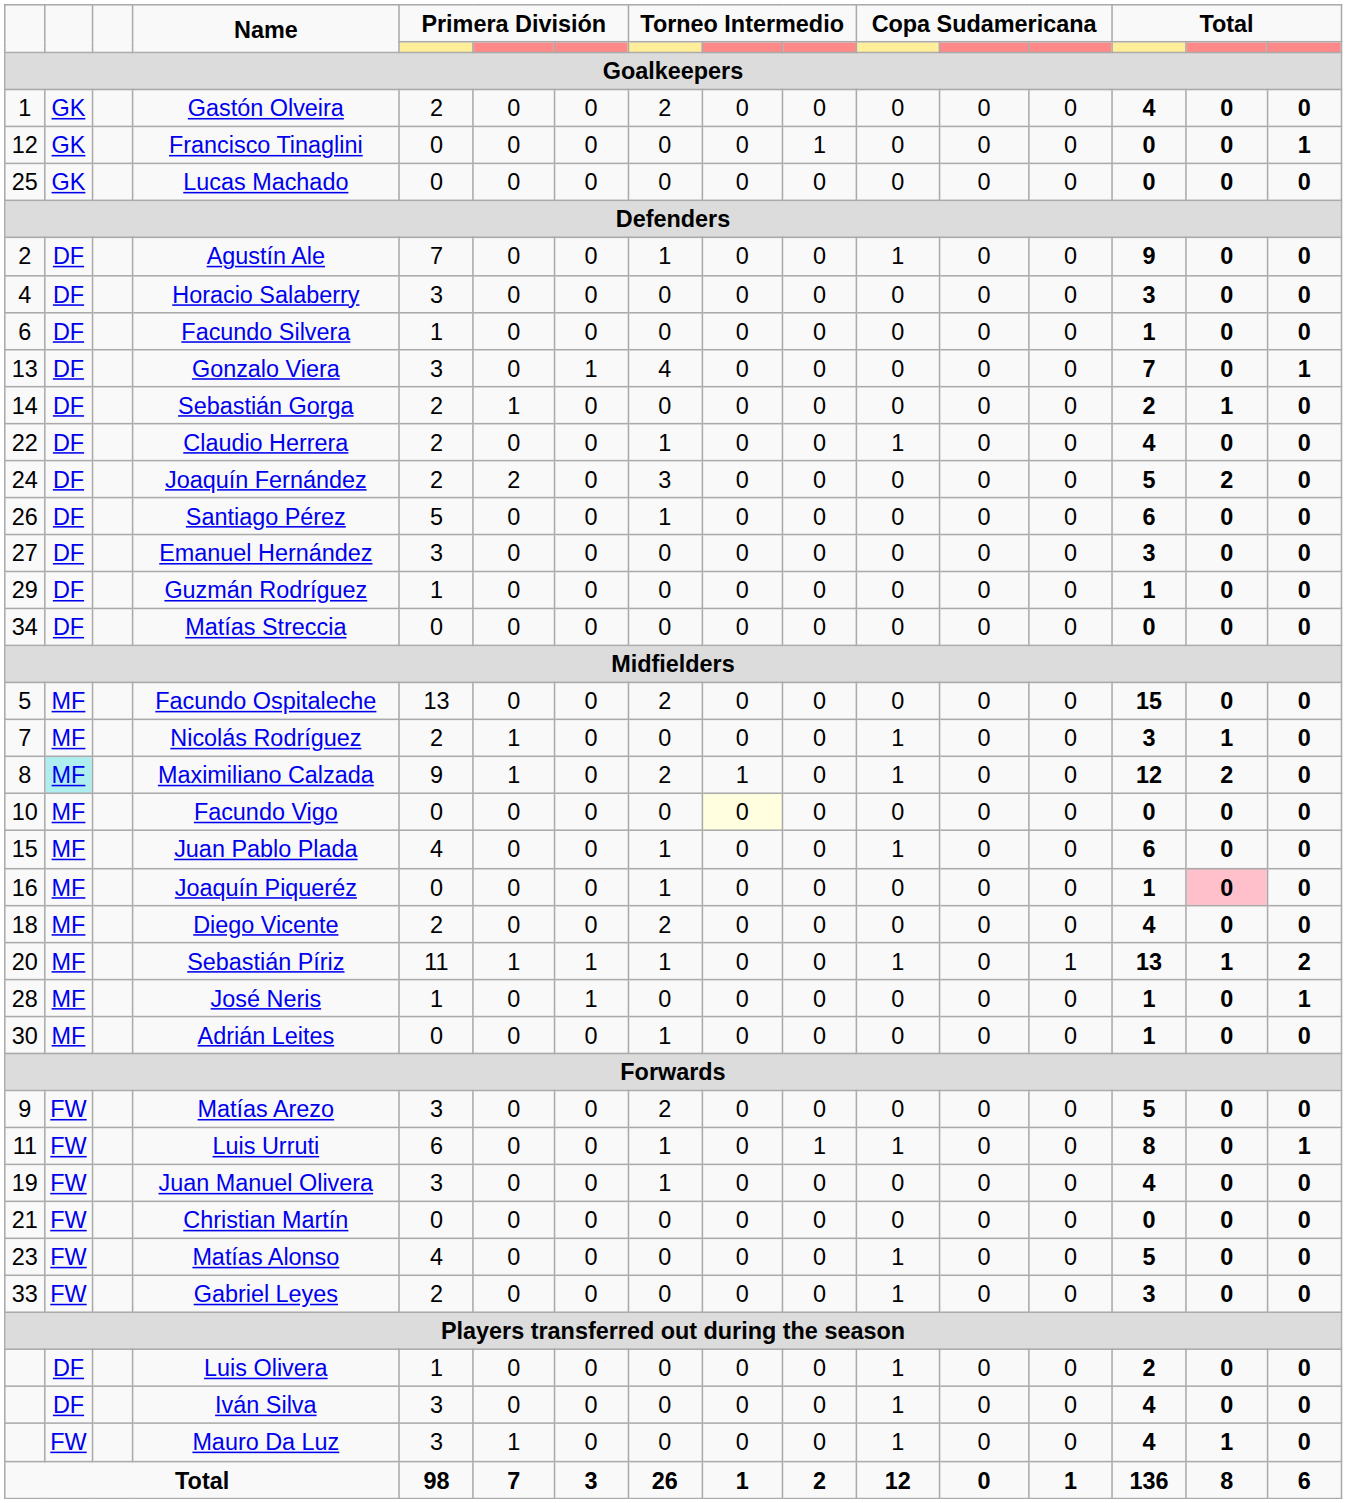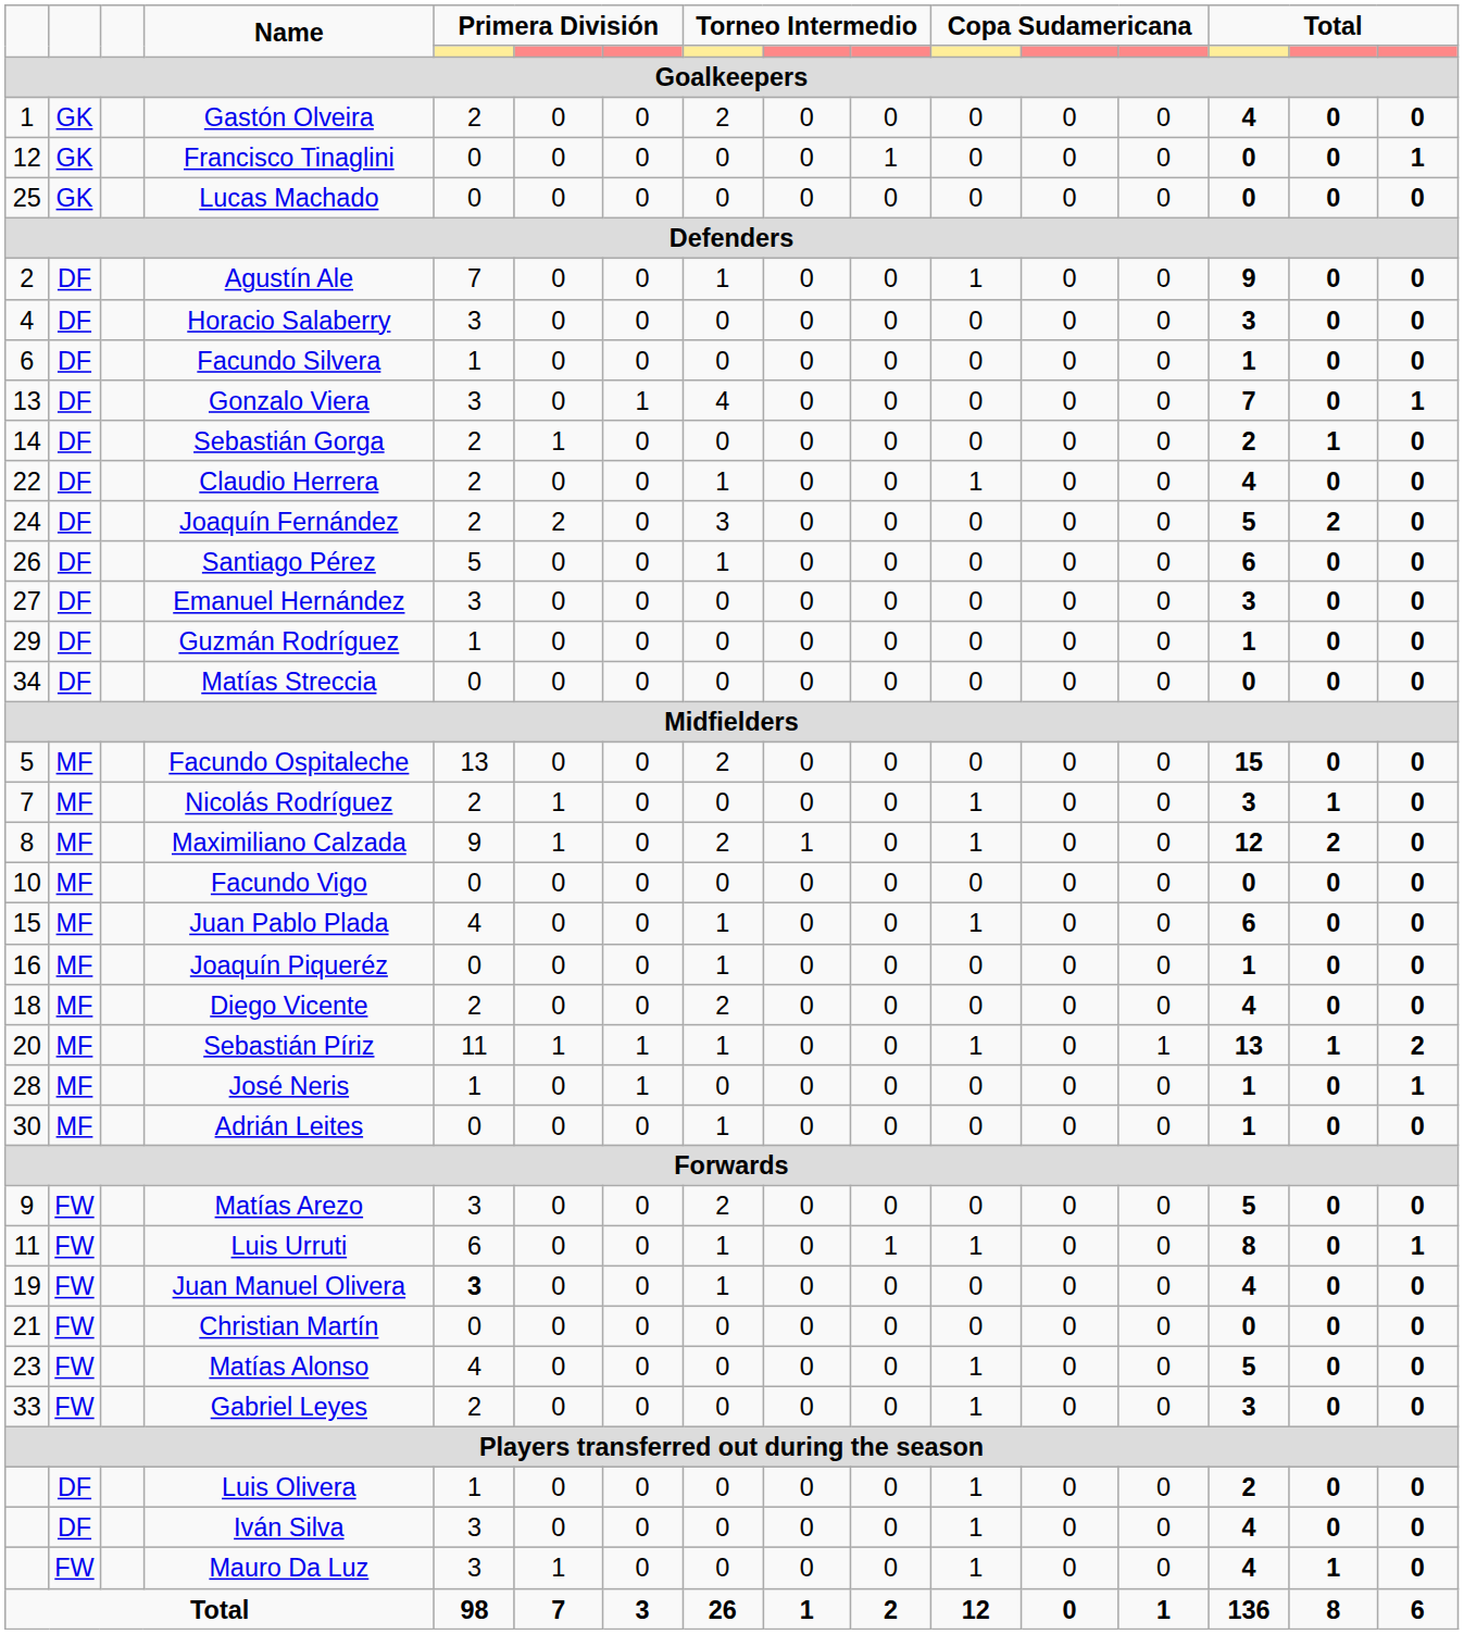 <table class="wikitable" style="font-size: 95%; text-align: center;">
 <tr>
 <td rowspan="2"  style="width:3%; text-align:center;"><strong></strong></td>
 <td rowspan="2"  style="width:3%; text-align:center;"><strong></strong></td>
 <td rowspan="2"  style="width:3%; text-align:center;"><strong></strong></td>
 <td rowspan="2"  style="width:20%; text-align:center;"><strong>Name</strong></td>
 <td colspan="3" style="text-align:center;"><strong>Primera División</strong></td>
 <td colspan="3" style="text-align:center;"><strong>Torneo Intermedio</strong></td>
 <td colspan="3" style="text-align:center;"><strong>Copa Sudamericana</strong></td>
 <td colspan="3" style="text-align:center;"><strong>Total</strong></td>
 </tr>
 <tr>
 <th style="width:25px; background:#fe9;"></th>
 <th style="width:28px; background:#ff8888;"></th>
 <th style="width:25px; background:#ff8888;"></th>
 <th style="width:25px; background:#fe9;"></th>
 <th style="width:28px; background:#ff8888;"></th>
 <th style="width:25px; background:#ff8888;"></th>
 <th style="width:25px; background:#fe9;"></th>
 <th style="width:28px; background:#ff8888;"></th>
 <th style="width:25px; background:#ff8888;"></th>
 <th style="width:25px; background:#fe9;"></th>
 <th style="width:28px; background:#ff8888;"></th>
 <th style="width:25px; background:#ff8888;"></th>
 </tr>
 <tr>
 <th colspan="19" style="background:#dcdcdc; text-align:center">Goalkeepers</th>
 </tr>
 <tr>
 <td>1</td>
 <td><a href='#'>GK</a></td>
 <td></td>
 <td><a href='#'>Gastón Olveira</a></td>
 <td>2</td>
 <td>0</td>
 <td>0</td>
 <td>2</td>
 <td>0</td>
 <td>0</td>
 <td>0</td>
 <td>0</td>
 <td>0</td>
 <td><strong>4</strong></td>
 <td><strong>0</strong></td>
 <td><strong>0</strong></td>
 </tr>
 <tr>
 <td>12</td>
 <td><a href='#'>GK</a></td>
 <td></td>
 <td><a href='#'>Francisco Tinaglini</a></td>
 <td>0</td>
 <td>0</td>
 <td>0</td>
 <td>0</td>
 <td>0</td>
 <td>1</td>
 <td>0</td>
 <td>0</td>
 <td>0</td>
 <td><strong>0</strong></td>
 <td><strong>0</strong></td>
 <td><strong>1</strong></td>
 </tr>
 <tr>
 <td>25</td>
 <td><a href='#'>GK</a></td>
 <td></td>
 <td><a href='#'>Lucas Machado</a></td>
 <td>0</td>
 <td>0</td>
 <td>0</td>
 <td>0</td>
 <td>0</td>
 <td>0</td>
 <td>0</td>
 <td>0</td>
 <td>0</td>
 <td><strong>0</strong></td>
 <td><strong>0</strong></td>
 <td><strong>0</strong></td>
 </tr>
 <tr>
 <th colspan="19" style="background:#dcdcdc; text-align:center">Defenders</th>
 </tr>
 <tr>
 <td>2</td>
 <td><a href='#'>DF</a></td>
 <td></td>
 <td><a href='#'>Agustín Ale</a></td>
 <td>7</td>
 <td>0</td>
 <td>0</td>
 <td>1</td>
 <td>0</td>
 <td>0</td>
 <td>1</td>
 <td>0</td>
 <td>0</td>
 <td><strong>9</strong></td>
 <td><strong>0</strong></td>
 <td><strong>0</strong></td>
 </tr>
 <tr>
 <td>4</td>
 <td><a href='#'>DF</a></td>
 <td></td>
 <td><a href='#'>Horacio Salaberry</a></td>
 <td>3</td>
 <td>0</td>
 <td>0</td>
 <td>0</td>
 <td>0</td>
 <td>0</td>
 <td>0</td>
 <td>0</td>
 <td>0</td>
 <td><strong>3</strong></td>
 <td><strong>0</strong></td>
 <td><strong>0</strong></td>
 </tr>
 <tr>
 <td>6</td>
 <td><a href='#'>DF</a></td>
 <td></td>
 <td><a href='#'>Facundo Silvera</a></td>
 <td>1</td>
 <td>0</td>
 <td>0</td>
 <td>0</td>
 <td>0</td>
 <td>0</td>
 <td>0</td>
 <td>0</td>
 <td>0</td>
 <td><strong>1</strong></td>
 <td><strong>0</strong></td>
 <td><strong>0</strong></td>
 </tr>
 <tr>
 <td>13</td>
 <td><a href='#'>DF</a></td>
 <td></td>
 <td><a href='#'>Gonzalo Viera</a></td>
 <td>3</td>
 <td>0</td>
 <td>1</td>
 <td>4</td>
 <td>0</td>
 <td>0</td>
 <td>0</td>
 <td>0</td>
 <td>0</td>
 <td><strong>7</strong></td>
 <td><strong>0</strong></td>
 <td><strong>1</strong></td>
 </tr>
 <tr>
 <td>14</td>
 <td><a href='#'>DF</a></td>
 <td></td>
 <td><a href='#'>Sebastián Gorga</a></td>
 <td>2</td>
 <td>1</td>
 <td>0</td>
 <td>0</td>
 <td>0</td>
 <td>0</td>
 <td>0</td>
 <td>0</td>
 <td>0</td>
 <td><strong>2</strong></td>
 <td><strong>1</strong></td>
 <td><strong>0</strong></td>
 </tr>
 <tr>
 <td>22</td>
 <td><a href='#'>DF</a></td>
 <td></td>
 <td><a href='#'>Claudio Herrera</a></td>
 <td>2</td>
 <td>0</td>
 <td>0</td>
 <td>1</td>
 <td>0</td>
 <td>0</td>
 <td>1</td>
 <td>0</td>
 <td>0</td>
 <td><strong>4</strong></td>
 <td><strong>0</strong></td>
 <td><strong>0</strong></td>
 </tr>
 <tr>
 <td>24</td>
 <td><a href='#'>DF</a></td>
 <td></td>
 <td><a href='#'>Joaquín Fernández</a></td>
 <td>2</td>
 <td>2</td>
 <td>0</td>
 <td>3</td>
 <td>0</td>
 <td>0</td>
 <td>0</td>
 <td>0</td>
 <td>0</td>
 <td><strong>5</strong></td>
 <td><strong>2</strong></td>
 <td><strong>0</strong></td>
 </tr>
 <tr>
 <td>26</td>
 <td><a href='#'>DF</a></td>
 <td></td>
 <td><a href='#'>Santiago Pérez</a></td>
 <td>5</td>
 <td>0</td>
 <td>0</td>
 <td>1</td>
 <td>0</td>
 <td>0</td>
 <td>0</td>
 <td>0</td>
 <td>0</td>
 <td><strong>6</strong></td>
 <td><strong>0</strong></td>
 <td><strong>0</strong></td>
 </tr>
 <tr>
 <td>27</td>
 <td><a href='#'>DF</a></td>
 <td></td>
 <td><a href='#'>Emanuel Hernández</a></td>
 <td>3</td>
 <td>0</td>
 <td>0</td>
 <td>0</td>
 <td>0</td>
 <td>0</td>
 <td>0</td>
 <td>0</td>
 <td>0</td>
 <td><strong>3</strong></td>
 <td><strong>0</strong></td>
 <td><strong>0</strong></td>
 </tr>
 <tr>
 <td>29</td>
 <td><a href='#'>DF</a></td>
 <td></td>
 <td><a href='#'>Guzmán Rodríguez</a></td>
 <td>1</td>
 <td>0</td>
 <td>0</td>
 <td>0</td>
 <td>0</td>
 <td>0</td>
 <td>0</td>
 <td>0</td>
 <td>0</td>
 <td><strong>1</strong></td>
 <td><strong>0</strong></td>
 <td><strong>0</strong></td>
 </tr>
 <tr>
 <td>34</td>
 <td><a href='#'>DF</a></td>
 <td></td>
 <td><a href='#'>Matías Streccia</a></td>
 <td>0</td>
 <td>0</td>
 <td>0</td>
 <td>0</td>
 <td>0</td>
 <td>0</td>
 <td>0</td>
 <td>0</td>
 <td>0</td>
 <td><strong>0</strong></td>
 <td><strong>0</strong></td>
 <td><strong>0</strong></td>
 </tr>
 <tr>
 <th colspan="19" style="background:#dcdcdc; text-align:center">Midfielders</th>
 </tr>
 <tr>
 <td>5</td>
 <td><a href='#'>MF</a></td>
 <td></td>
 <td><a href='#'>Facundo Ospitaleche</a></td>
 <td>13</td>
 <td>0</td>
 <td>0</td>
 <td>2</td>
 <td>0</td>
 <td>0</td>
 <td>0</td>
 <td>0</td>
 <td>0</td>
 <td><strong>15</strong></td>
 <td><strong>0</strong></td>
 <td><strong>0</strong></td>
 </tr>
 <tr>
 <td>7</td>
 <td><a href='#'>MF</a></td>
 <td></td>
 <td><a href='#'>Nicolás Rodríguez</a></td>
 <td>2</td>
 <td>1</td>
 <td>0</td>
 <td>0</td>
 <td>0</td>
 <td>0</td>
 <td>1</td>
 <td>0</td>
 <td>0</td>
 <td><strong>3</strong></td>
 <td><strong>1</strong></td>
 <td><strong>0</strong></td>
 </tr>
 <tr>
 <td>8</td>
-<td style="background: paleturquoise;"><a href='#'>MF</a></td>
+<td><a href='#'>MF</a></td>
 <td></td>
 <td><a href='#'>Maximiliano Calzada</a></td>
 <td>9</td>
 <td>1</td>
 <td>0</td>
 <td>2</td>
 <td>1</td>
 <td>0</td>
 <td>1</td>
 <td>0</td>
 <td>0</td>
 <td><strong>12</strong></td>
 <td><strong>2</strong></td>
 <td><strong>0</strong></td>
 </tr>
 <tr>
 <td>10</td>
 <td><a href='#'>MF</a></td>
 <td></td>
 <td><a href='#'>Facundo Vigo</a></td>
 <td>0</td>
 <td>0</td>
 <td>0</td>
 <td>0</td>
-<td style="background: lightyellow;">0</td>
+<td>0</td>
 <td>0</td>
 <td>0</td>
 <td>0</td>
 <td>0</td>
 <td><strong>0</strong></td>
 <td><strong>0</strong></td>
 <td><strong>0</strong></td>
 </tr>
 <tr>
 <td>15</td>
 <td><a href='#'>MF</a></td>
 <td></td>
 <td><a href='#'>Juan Pablo Plada</a></td>
 <td>4</td>
 <td>0</td>
 <td>0</td>
 <td>1</td>
 <td>0</td>
 <td>0</td>
 <td>1</td>
 <td>0</td>
 <td>0</td>
 <td><strong>6</strong></td>
 <td><strong>0</strong></td>
 <td><strong>0</strong></td>
 </tr>
 <tr>
 <td>16</td>
 <td><a href='#'>MF</a></td>
 <td></td>
 <td><a href='#'>Joaquín Piqueréz</a></td>
 <td>0</td>
 <td>0</td>
 <td>0</td>
 <td>1</td>
 <td>0</td>
 <td>0</td>
 <td>0</td>
 <td>0</td>
 <td>0</td>
 <td><strong>1</strong></td>
-<td style="background: pink;"><strong>0</strong></td>
+<td><strong>0</strong></td>
 <td><strong>0</strong></td>
 </tr>
 <tr>
 <td>18</td>
 <td><a href='#'>MF</a></td>
 <td></td>
 <td><a href='#'>Diego Vicente</a></td>
 <td>2</td>
 <td>0</td>
 <td>0</td>
 <td>2</td>
 <td>0</td>
 <td>0</td>
 <td>0</td>
 <td>0</td>
 <td>0</td>
 <td><strong>4</strong></td>
 <td><strong>0</strong></td>
 <td><strong>0</strong></td>
 </tr>
 <tr>
 <td>20</td>
 <td><a href='#'>MF</a></td>
 <td></td>
 <td><a href='#'>Sebastián Píriz</a></td>
 <td>11</td>
 <td>1</td>
 <td>1</td>
 <td>1</td>
 <td>0</td>
 <td>0</td>
 <td>1</td>
 <td>0</td>
 <td>1</td>
 <td><strong>13</strong></td>
 <td><strong>1</strong></td>
 <td><strong>2</strong></td>
 </tr>
 <tr>
 <td>28</td>
 <td><a href='#'>MF</a></td>
 <td></td>
 <td><a href='#'>José Neris</a></td>
 <td>1</td>
 <td>0</td>
 <td>1</td>
 <td>0</td>
 <td>0</td>
 <td>0</td>
 <td>0</td>
 <td>0</td>
 <td>0</td>
 <td><strong>1</strong></td>
 <td><strong>0</strong></td>
 <td><strong>1</strong></td>
 </tr>
 <tr>
 <td>30</td>
 <td><a href='#'>MF</a></td>
 <td></td>
 <td><a href='#'>Adrián Leites</a></td>
 <td>0</td>
 <td>0</td>
 <td>0</td>
 <td>1</td>
 <td>0</td>
 <td>0</td>
 <td>0</td>
 <td>0</td>
 <td>0</td>
 <td><strong>1</strong></td>
 <td><strong>0</strong></td>
 <td><strong>0</strong></td>
 </tr>
 <tr>
 <th colspan="19" style="background:#dcdcdc; text-align:center">Forwards</th>
 </tr>
 <tr>
 <td>9</td>
 <td><a href='#'>FW</a></td>
 <td></td>
 <td><a href='#'>Matías Arezo</a></td>
 <td>3</td>
 <td>0</td>
 <td>0</td>
 <td>2</td>
 <td>0</td>
 <td>0</td>
 <td>0</td>
 <td>0</td>
 <td>0</td>
 <td><strong>5</strong></td>
 <td><strong>0</strong></td>
 <td><strong>0</strong></td>
 </tr>
 <tr>
 <td>11</td>
 <td><a href='#'>FW</a></td>
 <td></td>
 <td><a href='#'>Luis Urruti</a></td>
 <td>6</td>
 <td>0</td>
 <td>0</td>
 <td>1</td>
 <td>0</td>
 <td>1</td>
 <td>1</td>
 <td>0</td>
 <td>0</td>
 <td><strong>8</strong></td>
 <td><strong>0</strong></td>
 <td><strong>1</strong></td>
 </tr>
 <tr>
 <td>19</td>
 <td><a href='#'>FW</a></td>
 <td></td>
 <td><a href='#'>Juan Manuel Olivera</a></td>
-<td>3</td>
+<td><strong>3</strong></td>
 <td>0</td>
 <td>0</td>
 <td>1</td>
 <td>0</td>
 <td>0</td>
 <td>0</td>
 <td>0</td>
 <td>0</td>
 <td><strong>4</strong></td>
 <td><strong>0</strong></td>
 <td><strong>0</strong></td>
 </tr>
 <tr>
 <td>21</td>
 <td><a href='#'>FW</a></td>
 <td></td>
 <td><a href='#'>Christian Martín</a></td>
 <td>0</td>
 <td>0</td>
 <td>0</td>
 <td>0</td>
 <td>0</td>
 <td>0</td>
 <td>0</td>
 <td>0</td>
 <td>0</td>
 <td><strong>0</strong></td>
 <td><strong>0</strong></td>
 <td><strong>0</strong></td>
 </tr>
 <tr>
 <td>23</td>
 <td><a href='#'>FW</a></td>
 <td></td>
 <td><a href='#'>Matías Alonso</a></td>
 <td>4</td>
 <td>0</td>
 <td>0</td>
 <td>0</td>
 <td>0</td>
 <td>0</td>
 <td>1</td>
 <td>0</td>
 <td>0</td>
 <td><strong>5</strong></td>
 <td><strong>0</strong></td>
 <td><strong>0</strong></td>
 </tr>
 <tr>
 <td>33</td>
 <td><a href='#'>FW</a></td>
 <td></td>
 <td><a href='#'>Gabriel Leyes</a></td>
 <td>2</td>
 <td>0</td>
 <td>0</td>
 <td>0</td>
 <td>0</td>
 <td>0</td>
 <td>1</td>
 <td>0</td>
 <td>0</td>
 <td><strong>3</strong></td>
 <td><strong>0</strong></td>
 <td><strong>0</strong></td>
 </tr>
 <tr>
 <th colspan="19" style="background:#dcdcdc; text-align:center">Players transferred out during the season</th>
 </tr>
 <tr>
 <td></td>
 <td><a href='#'>DF</a></td>
 <td></td>
 <td><a href='#'>Luis Olivera</a></td>
 <td>1</td>
 <td>0</td>
 <td>0</td>
 <td>0</td>
 <td>0</td>
 <td>0</td>
 <td>1</td>
 <td>0</td>
 <td>0</td>
 <td><strong>2</strong></td>
 <td><strong>0</strong></td>
 <td><strong>0</strong></td>
 </tr>
 <tr>
 <td></td>
 <td><a href='#'>DF</a></td>
 <td></td>
 <td><a href='#'>Iván Silva</a></td>
 <td>3</td>
 <td>0</td>
 <td>0</td>
 <td>0</td>
 <td>0</td>
 <td>0</td>
 <td>1</td>
 <td>0</td>
 <td>0</td>
 <td><strong>4</strong></td>
 <td><strong>0</strong></td>
 <td><strong>0</strong></td>
 </tr>
 <tr>
 <td></td>
 <td><a href='#'>FW</a></td>
 <td></td>
 <td><a href='#'>Mauro Da Luz</a></td>
 <td>3</td>
 <td>1</td>
 <td>0</td>
 <td>0</td>
 <td>0</td>
 <td>0</td>
 <td>1</td>
 <td>0</td>
 <td>0</td>
 <td><strong>4</strong></td>
 <td><strong>1</strong></td>
 <td><strong>0</strong></td>
 </tr>
 <tr>
 <td colspan=4><strong>Total</strong></td>
 <td><strong>98</strong></td>
 <td><strong>7</strong></td>
 <td><strong>3</strong></td>
 <td><strong>26</strong></td>
 <td><strong>1</strong></td>
 <td><strong>2</strong></td>
 <td><strong>12</strong></td>
 <td><strong>0</strong></td>
 <td><strong>1</strong></td>
 <td><strong>136</strong></td>
 <td><strong>8</strong></td>
 <td><strong>6</strong></td>
 </tr>
 </table>
